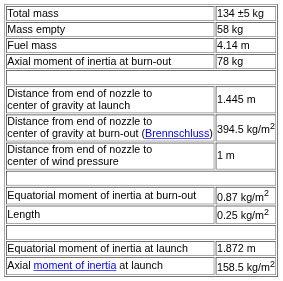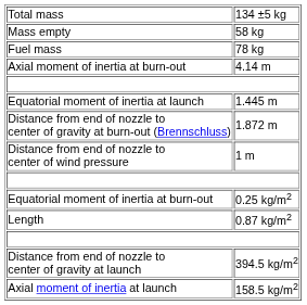 <table border="1">
 <tr>
 <td>Total mass</td>
 <td>134 ±5 kg</td>
 </tr>
 <tr>
 <td>Mass empty</td>
 <td>58 kg</td>
 </tr>
 <tr>
 <td>Fuel mass</td>
-<td>4.14 m</td>
+<td>78 kg</td>
 </tr>
 <tr>
 <td>Axial moment of inertia at burn-out</td>
-<td>78 kg</td>
+<td>4.14 m</td>
 </tr>
 <tr>
 <td colspan="2"> </td>
 </tr>
 <tr>
-<td>Distance from end of nozzle to<br>center of gravity at launch</td>
+<td>Equatorial moment of inertia at launch</td>
 <td>1.445 m</td>
 </tr>
 <tr>
 <td>Distance from end of nozzle to<br>center of gravity at burn-out (<a href='#'>Brennschluss</a>)</td>
-<td>394.5 kg/m<sup>2</sup></td>
+<td>1.872 m</td>
 </tr>
 <tr>
 <td>Distance from end of nozzle to<br>center of wind pressure</td>
 <td>1 m</td>
 </tr>
 <tr>
 <td colspan="2"> </td>
 </tr>
 <tr>
 <td>Equatorial moment of inertia at burn-out</td>
-<td>0.87 kg/m<sup>2</sup></td>
+<td>0.25 kg/m<sup>2</sup></td>
 </tr>
 <tr>
 <td>Length</td>
-<td>0.25 kg/m<sup>2</sup></td>
+<td>0.87 kg/m<sup>2</sup></td>
 </tr>
 <tr>
 <td colspan="2"> </td>
 </tr>
 <tr>
-<td>Equatorial moment of inertia at launch</td>
-<td>1.872 m</td>
+<td>Distance from end of nozzle to<br>center of gravity at launch</td>
+<td>394.5 kg/m<sup>2</sup></td>
 </tr>
 <tr>
 <td>Axial <a href='#'>moment of inertia</a> at launch</td>
 <td>158.5 kg/m<sup>2</sup></td>
 </tr>
 </table>
